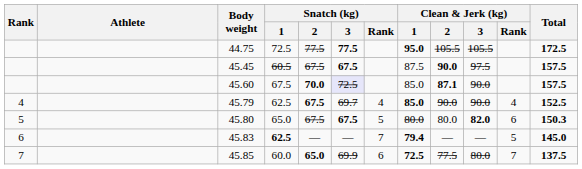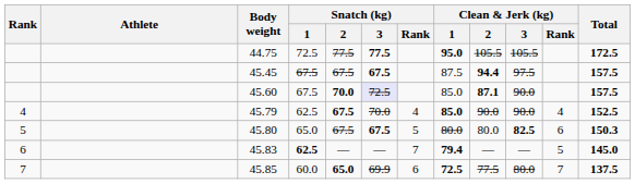 <table class = "wikitable" style="text-align:center;">
 <tr>
 <th rowspan=2 width=40>Rank</th>
 <th rowspan=2 width=250>Athlete</th>
 <th rowspan=2 width=60>Body weight</th>
 <th colspan=4>Snatch (kg)</th>
 <th colspan=4>Clean & Jerk (kg)</th>
 <th rowspan=2 width=60>Total</th>
 </tr>
 <tr>
 <th width=40>1</th>
 <th width=40>2</th>
 <th width=40>3</th>
 <th width=40>Rank</th>
 <th width=40>1</th>
 <th width=40>2</th>
 <th width=40>3</th>
 <th width=40>Rank</th>
 </tr>
 <tr>
 <td></td>
 <td align=left></td>
 <td>44.75</td>
 <td>72.5</td>
 <td><s>77.5 </s></td>
 <td><strong>77.5</strong></td>
 <td></td>
 <td><strong>95.0</strong></td>
 <td><s>105.5 </s></td>
 <td><s>105.5 </s></td>
 <td></td>
 <td><strong>172.5</strong></td>
 </tr>
 <tr>
 <td></td>
 <td align=left></td>
 <td>45.45</td>
-<td><s>60.5 </s></td>
+<td><s>67.5 </s></td>
 <td><s>67.5 </s></td>
 <td><strong>67.5</strong></td>
 <td></td>
 <td>87.5</td>
-<td><strong>90.0</strong></td>
+<td><strong>94.4</strong></td>
 <td><s>97.5 </s></td>
 <td></td>
 <td><strong>157.5</strong></td>
 </tr>
 <tr>
 <td></td>
 <td align=left></td>
 <td>45.60</td>
 <td>67.5</td>
 <td><strong>70.0</strong></td>
 <td style="background: lavender;"><s>72.5 </s></td>
 <td></td>
 <td>85.0</td>
 <td><strong>87.1</strong></td>
 <td><s>90.0 </s></td>
 <td></td>
 <td><strong>157.5</strong></td>
 </tr>
 <tr>
 <td>4</td>
 <td align=left></td>
 <td>45.79</td>
 <td>62.5</td>
 <td><strong>67.5</strong></td>
-<td><s>69.7 </s></td>
+<td><s>70.0 </s></td>
 <td>4</td>
 <td><strong>85.0</strong></td>
 <td><s>90.0 </s></td>
 <td><s>90.0 </s></td>
 <td>4</td>
 <td><strong>152.5  </strong></td>
 </tr>
 <tr>
 <td>5</td>
 <td align=left></td>
 <td>45.80</td>
 <td>65.0</td>
 <td><s>67.5 </s></td>
 <td><strong>67.5</strong></td>
 <td>5</td>
 <td><s>80.0 </s></td>
 <td>80.0</td>
-<td><strong>82.0</strong></td>
+<td><strong>82.5</strong></td>
 <td>6</td>
 <td><strong>150.3</strong></td>
 </tr>
 <tr>
 <td>6</td>
 <td align=left></td>
 <td>45.83</td>
 <td><strong>62.5</strong></td>
 <td>—</td>
 <td>—</td>
 <td>7</td>
 <td><strong>79.4</strong></td>
 <td>—</td>
 <td>—</td>
 <td>5</td>
 <td><strong>145.0  </strong></td>
 </tr>
 <tr>
 <td>7</td>
 <td align=left></td>
 <td>45.85</td>
 <td>60.0</td>
 <td><strong>65.0</strong></td>
 <td><s>69.9 </s></td>
 <td>6</td>
 <td><strong>72.5</strong></td>
 <td><s>77.5 </s></td>
 <td><s>80.0 </s></td>
 <td>7</td>
 <td><strong>137.5  </strong></td>
 </tr>
 </table>
